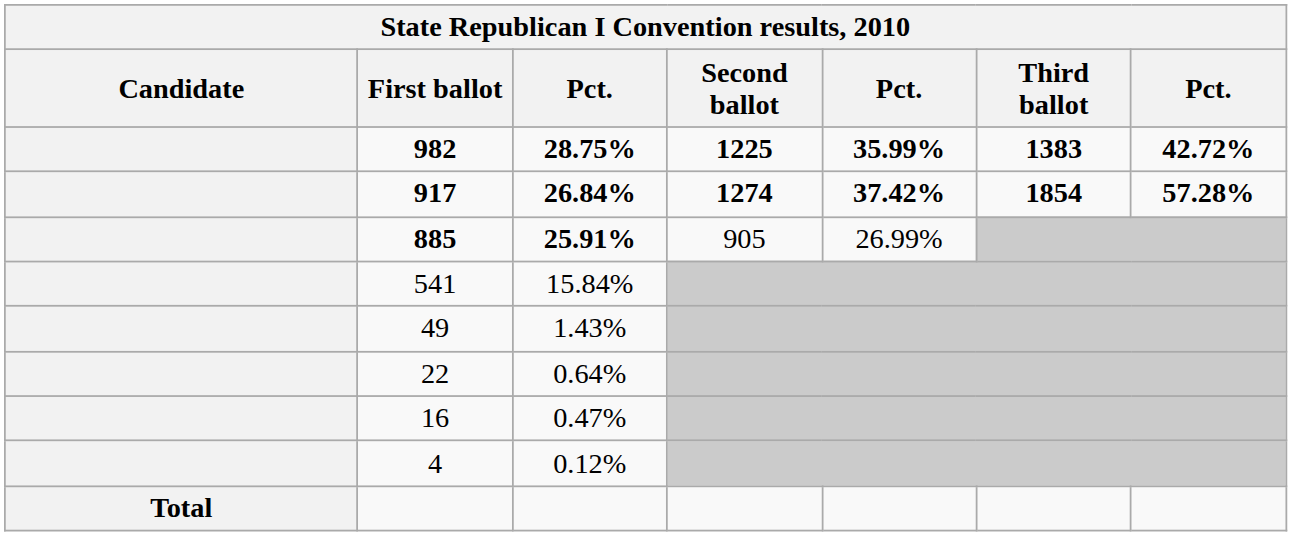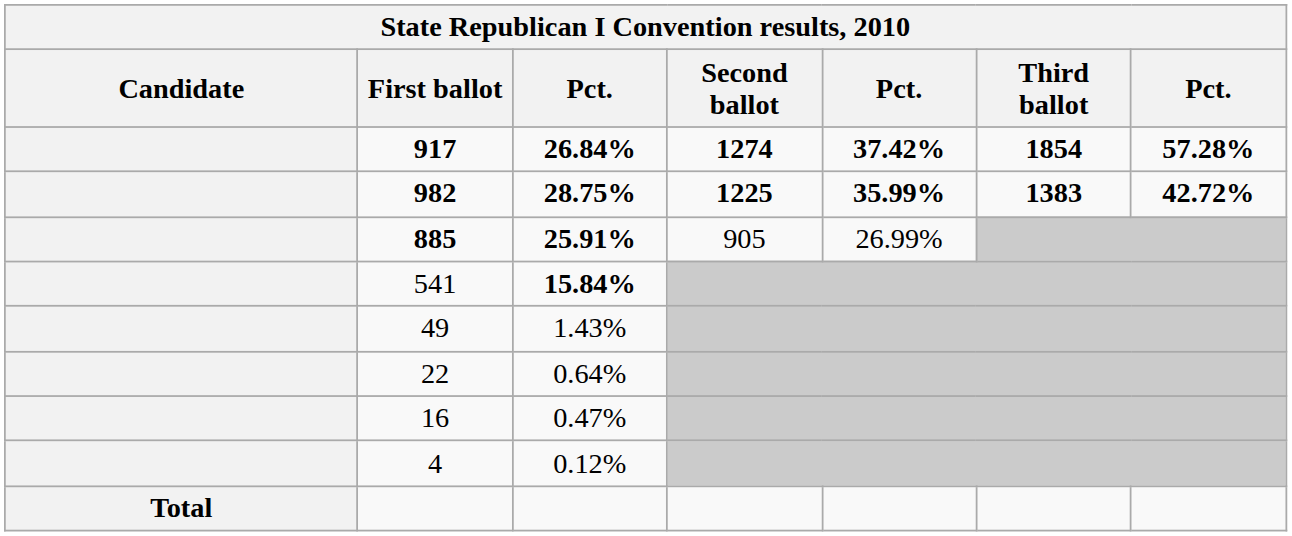 <table class="wikitable sortable plainrowheaders">
 <tr>
 <th colspan="7" >State Republican I Convention results, 2010</th>
 </tr>
 <tr style="background:#eee; text-align:center;">
 <th scope="col" style="width: 12em">Candidate</th>
 <th scope="col"  style="width: 5em">First ballot</th>
 <th scope="col"  style="width: 5em">Pct.</th>
 <th scope="col"  style="width: 5em">Second ballot</th>
 <th scope="col"  style="width: 5em">Pct.</th>
 <th scope="col"  style="width: 5em">Third ballot</th>
 <th scope="col"  style="width: 5em">Pct.</th>
 </tr>
 <tr>
 <th scope="row"><strong></strong></th>
+<td style="text-align:center;"><strong>917</strong></td>
+<td style="text-align:center;"><strong>26.84%</strong></td>
+<td style="text-align:center;"><strong>1274</strong></td>
+<td style="text-align:center;"><strong>37.42%</strong></td>
+<td style="text-align:center;"><strong>1854</strong></td>
+<td style="text-align:center;"><strong>57.28%</strong></td>
+</tr>
+<tr>
+<th scope="row"><strong></strong></th>
 <td style="text-align:center;"><strong>982</strong></td>
 <td style="text-align:center;"><strong>28.75%</strong></td>
 <td style="text-align:center;"><strong>1225</strong></td>
 <td style="text-align:center;"><strong>35.99%</strong></td>
 <td style="text-align:center;"><strong>1383</strong></td>
 <td style="text-align:center;"><strong>42.72%</strong></td>
-</tr>
-<tr>
-<th scope="row"><strong></strong></th>
-<td style="text-align:center;"><strong>917</strong></td>
-<td style="text-align:center;"><strong>26.84%</strong></td>
-<td style="text-align:center;"><strong>1274</strong></td>
-<td style="text-align:center;"><strong>37.42%</strong></td>
-<td style="text-align:center;"><strong>1854</strong></td>
-<td style="text-align:center;"><strong>57.28%</strong></td>
 </tr>
 <tr>
 <th scope="row"></th>
 <td style="text-align:center;"><strong>885</strong></td>
 <td style="text-align:center;"><strong>25.91%</strong></td>
 <td style="text-align:center;">905</td>
 <td style="text-align:center;">26.99%</td>
 <td colspan=2 style="text-align:center; background:#cbcbcb"><em></em></td>
 </tr>
 <tr>
 <th scope="row"></th>
 <td style="text-align:center;">541</td>
-<td style="text-align:center;">15.84%</td>
+<td style="text-align:center;"><strong>15.84%</strong></td>
 <td colspan=4 style="text-align:center; background:#cbcbcb"><em></em></td>
 </tr>
 <tr>
 <th scope="row"></th>
 <td style="text-align:center;">49</td>
 <td style="text-align:center;">1.43%</td>
 <td colspan=4 style="text-align:center; background:#cbcbcb"><em></em></td>
 </tr>
 <tr>
 <th scope="row"></th>
 <td style="text-align:center;">22</td>
 <td style="text-align:center;">0.64%</td>
 <td colspan=4 style="text-align:center; background:#cbcbcb"><em></em></td>
 </tr>
 <tr>
 <th scope="row"></th>
 <td style="text-align:center;">16</td>
 <td style="text-align:center;">0.47%</td>
 <td colspan=4 style="text-align:center; background:#cbcbcb"><em></em></td>
 </tr>
 <tr>
 <th scope="row"></th>
 <td style="text-align:center;">4</td>
 <td style="text-align:center;">0.12%</td>
 <td colspan=4 style="text-align:center; background:#cbcbcb"><em></em></td>
 </tr>
 <tr>
 <th scope="row"><strong>Total</strong></th>
 <td style="text-align:center;"></td>
 <td style="text-align:center;"></td>
 <td style="text-align:center;"></td>
 <td style="text-align:center;"></td>
 <td style="text-align:center;"></td>
 <td style="text-align:center;"></td>
 </tr>
 </table>
